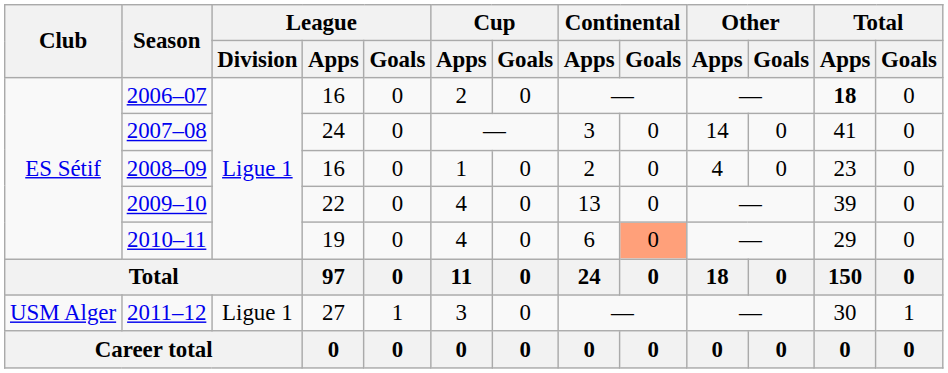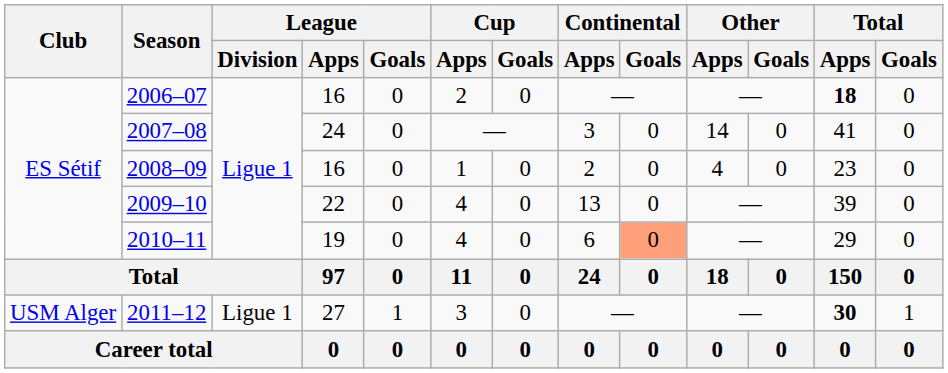 <table class="wikitable" style="text-align: center;">
 <tr>
 <th rowspan="2">Club</th>
 <th rowspan="2">Season</th>
 <th colspan="3">League</th>
 <th colspan="2">Cup</th>
 <th colspan="2">Continental</th>
 <th colspan="2">Other</th>
 <th colspan="2">Total</th>
 </tr>
 <tr>
 <th>Division</th>
 <th>Apps</th>
 <th>Goals</th>
 <th>Apps</th>
 <th>Goals</th>
 <th>Apps</th>
 <th>Goals</th>
 <th>Apps</th>
 <th>Goals</th>
 <th>Apps</th>
 <th>Goals</th>
 </tr>
 <tr>
 <td rowspan=5><a href='#'>ES Sétif</a></td>
 <td><a href='#'>2006–07</a></td>
 <td rowspan=5><a href='#'>Ligue 1</a></td>
 <td>16</td>
 <td>0</td>
 <td>2</td>
 <td>0</td>
 <td colspan=2>—</td>
 <td colspan=2>—</td>
 <td><strong>18</strong></td>
 <td>0</td>
 </tr>
 <tr>
 <td><a href='#'>2007–08</a></td>
 <td>24</td>
 <td>0</td>
 <td colspan=2>—</td>
 <td>3</td>
 <td>0</td>
 <td>14</td>
 <td>0</td>
 <td>41</td>
 <td>0</td>
 </tr>
 <tr>
 <td><a href='#'>2008–09</a></td>
 <td>16</td>
 <td>0</td>
 <td>1</td>
 <td>0</td>
 <td>2</td>
 <td>0</td>
 <td>4</td>
 <td>0</td>
 <td>23</td>
 <td>0</td>
 </tr>
 <tr>
 <td><a href='#'>2009–10</a></td>
 <td>22</td>
 <td>0</td>
 <td>4</td>
 <td>0</td>
 <td>13</td>
 <td>0</td>
 <td colspan=2>—</td>
 <td>39</td>
 <td>0</td>
 </tr>
 <tr>
 <td><a href='#'>2010–11</a></td>
 <td>19</td>
 <td>0</td>
 <td>4</td>
 <td>0</td>
 <td>6</td>
 <td style="background: lightsalmon;">0</td>
 <td colspan=2>—</td>
 <td>29</td>
 <td>0</td>
 </tr>
 <tr>
 <th colspan="3">Total</th>
 <th>97</th>
 <th>0</th>
 <th>11</th>
 <th>0</th>
 <th>24</th>
 <th>0</th>
 <th>18</th>
 <th>0</th>
 <th>150</th>
 <th>0</th>
 </tr>
 <tr>
 <td><a href='#'>USM Alger</a></td>
 <td><a href='#'>2011–12</a></td>
 <td>Ligue 1</td>
 <td>27</td>
 <td>1</td>
 <td>3</td>
 <td>0</td>
 <td colspan=2>—</td>
 <td colspan=2>—</td>
-<td>30</td>
+<td><strong>30</strong></td>
 <td>1</td>
 </tr>
 <tr>
 <th colspan="3">Career total</th>
 <th>0</th>
 <th>0</th>
 <th>0</th>
 <th>0</th>
 <th>0</th>
 <th>0</th>
 <th>0</th>
 <th>0</th>
 <th>0</th>
 <th>0</th>
 </tr>
 </table>
